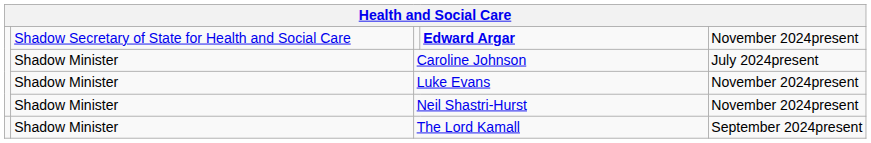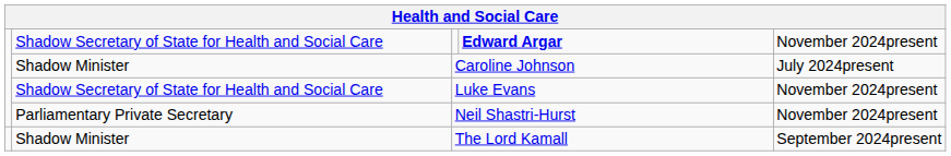 <table class="wikitable">
 <tr>
 <th colspan="5"><a href='#'>Health and Social Care</a></th>
 </tr>
 <tr>
 <td rowspan="4" style="background: "></td>
 <td style="width: 450px;"><a href='#'>Shadow Secretary of State for Health and Social Care</a></td>
 <td style="background: "></td>
 <td style="width: 320px;"><strong><a href='#'>Edward Argar</a></strong></td>
 <td>November 2024present</td>
 </tr>
 <tr>
 <td>Shadow Minister</td>
 <td colspan="2"><a href='#'>Caroline Johnson</a></td>
 <td>July 2024present</td>
 </tr>
 <tr>
-<td>Shadow Minister</td>
+<td style="width: 450px;"><a href='#'>Shadow Secretary of State for Health and Social Care</a></td>
 <td colspan="2"><a href='#'>Luke Evans</a></td>
 <td>November 2024present</td>
 </tr>
 <tr>
-<td>Shadow Minister</td>
+<td>Parliamentary Private Secretary</td>
 <td colspan="2"><a href='#'>Neil Shastri-Hurst</a></td>
 <td>November 2024present</td>
 </tr>
 <tr>
 <td style="background: "></td>
 <td>Shadow Minister</td>
 <td colspan="2"><a href='#'>The Lord Kamall</a></td>
 <td>September 2024present</td>
 </tr>
 </table>
